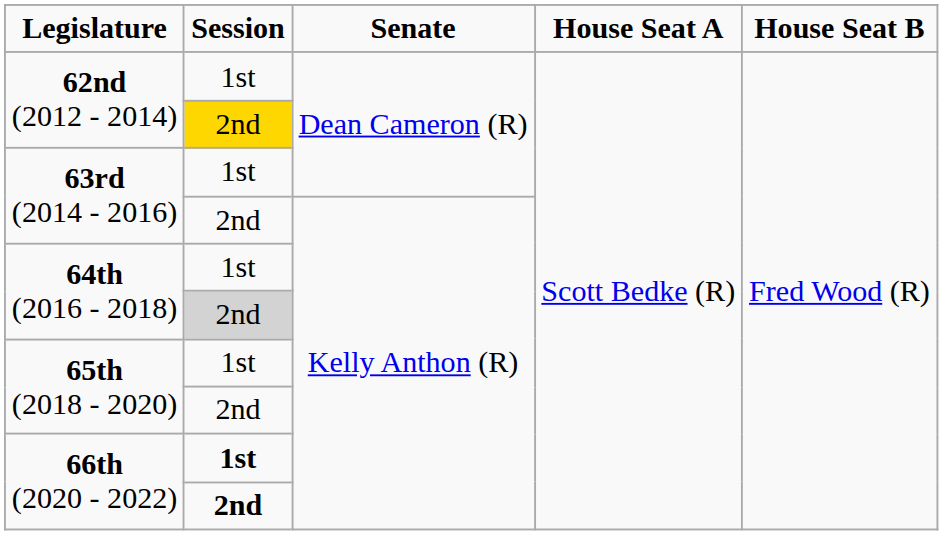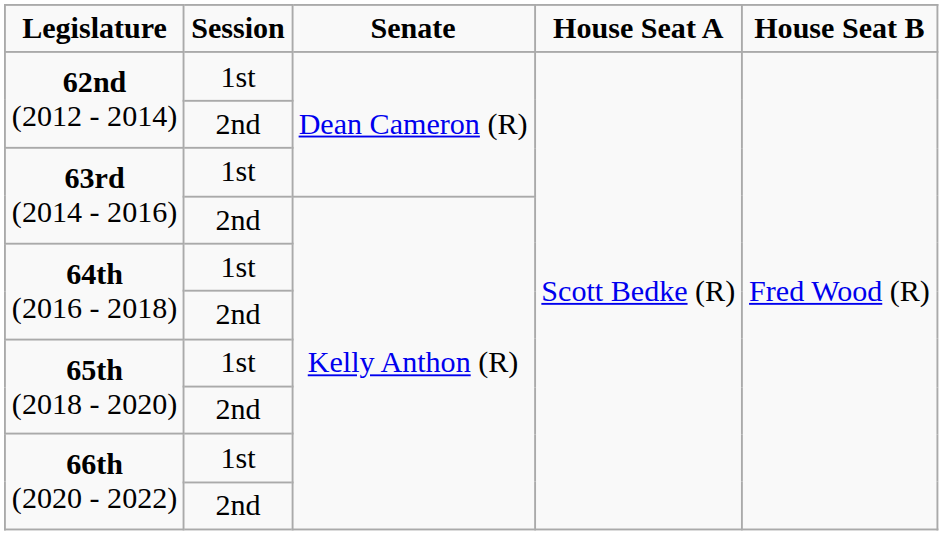 <table class=wikitable style="text-align:center">
 <tr>
 <td><strong>Legislature</strong></td>
 <td><strong>Session</strong></td>
 <td><strong>Senate</strong></td>
 <td><strong>House Seat A</strong></td>
 <td><strong>House Seat B</strong></td>
 </tr>
 <tr>
 <td rowspan="2" colspan="1" style="text-align: center;"><strong>62nd</strong> <br> (2012 - 2014)</td>
 <td>1st</td>
 <td rowspan="3" colspan="1" style="text-align: center;" ><a href='#'>Dean Cameron</a> (R)</td>
 <td rowspan="10" colspan="1" style="text-align: center;" ><a href='#'>Scott Bedke</a> (R)</td>
 <td rowspan="10" colspan="1" style="text-align: center;" ><a href='#'>Fred Wood</a> (R)</td>
 </tr>
 <tr>
-<td style="background: gold;">2nd</td>
+<td>2nd</td>
 </tr>
 <tr>
 <td rowspan="2" colspan="1" style="text-align: center;"><strong>63rd</strong> <br> (2014 - 2016)</td>
 <td>1st</td>
 </tr>
 <tr>
 <td>2nd</td>
 <td rowspan="7" colspan="1" style="text-align: center;" ><a href='#'>Kelly Anthon</a> (R)</td>
 </tr>
 <tr>
 <td rowspan="2" colspan="1" style="text-align: center;"><strong>64th</strong> <br> (2016 - 2018)</td>
 <td>1st</td>
 </tr>
 <tr>
-<td style="background: lightgrey;">2nd</td>
+<td>2nd</td>
 </tr>
 <tr>
 <td rowspan="2" colspan="1" style="text-align: center;"><strong>65th</strong> <br> (2018 - 2020)</td>
 <td>1st</td>
 </tr>
 <tr>
 <td>2nd</td>
 </tr>
 <tr>
 <td rowspan="2" colspan="1" style="text-align: center;"><strong>66th</strong> <br> (2020 - 2022)</td>
-<td><strong>1st</strong></td>
+<td>1st</td>
 </tr>
 <tr>
-<td><strong>2nd</strong></td>
+<td>2nd</td>
 </tr>
 </table>
